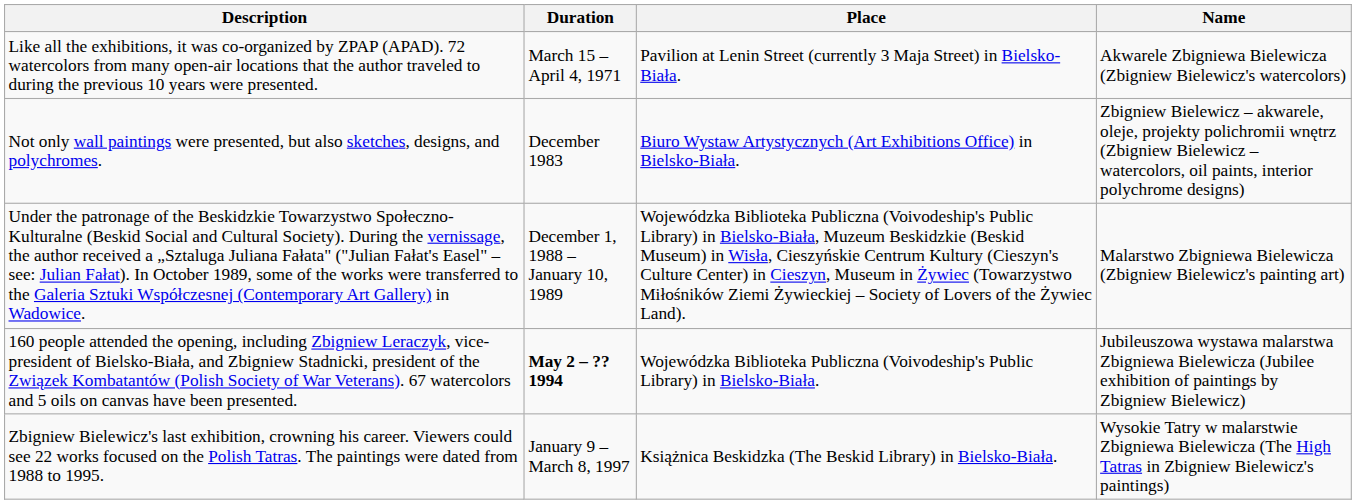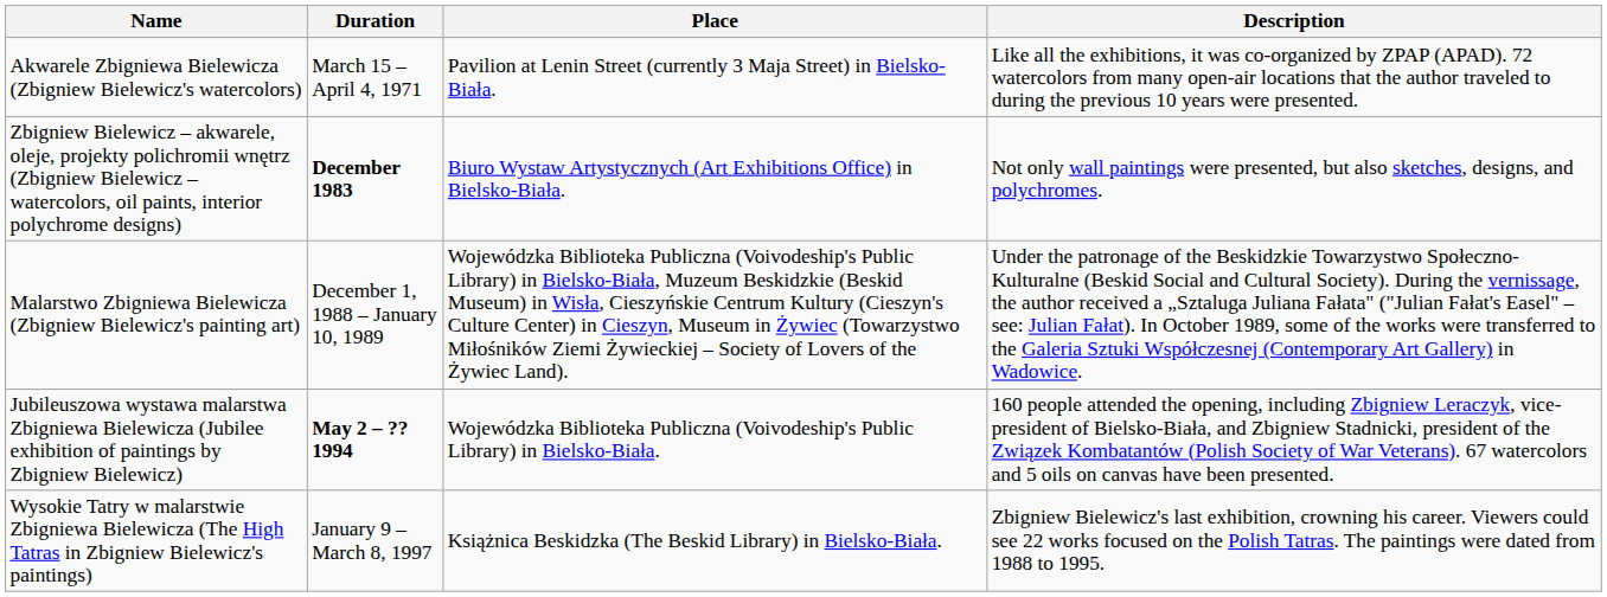 <table class="wikitable">
 <tr>
-<th>Description</th>
+<th>Name</th>
 <th>Duration</th>
 <th>Place</th>
-<th>Name</th>
+<th>Description</th>
 </tr>
 <tr>
-<td>Like all the exhibitions, it was co-organized by ZPAP (APAD). 72 watercolors from many open-air locations that the author traveled to during the previous 10 years were presented.</td>
+<td>Akwarele Zbigniewa Bielewicza (Zbigniew Bielewicz's watercolors)</td>
 <td>March 15 – April 4, 1971</td>
 <td>Pavilion at Lenin Street (currently 3 Maja Street) in <a href='#'>Bielsko-Biała</a>.</td>
-<td>Akwarele Zbigniewa Bielewicza (Zbigniew Bielewicz's watercolors)</td>
+<td>Like all the exhibitions, it was co-organized by ZPAP (APAD). 72 watercolors from many open-air locations that the author traveled to during the previous 10 years were presented.</td>
 </tr>
 <tr>
+<td>Zbigniew Bielewicz – akwarele, oleje, projekty polichromii wnętrz (Zbigniew Bielewicz – watercolors, oil paints, interior polychrome designs)</td>
+<td><strong>December 1983</strong></td>
+<td><a href='#'>Biuro Wystaw Artystycznych (Art Exhibitions Office)</a> in <a href='#'>Bielsko-Biała</a>.</td>
 <td>Not only <a href='#'>wall paintings</a> were presented, but also <a href='#'>sketches</a>, designs, and <a href='#'>polychromes</a>.</td>
-<td>December 1983</td>
-<td><a href='#'>Biuro Wystaw Artystycznych (Art Exhibitions Office)</a> in <a href='#'>Bielsko-Biała</a>.</td>
-<td>Zbigniew Bielewicz – akwarele, oleje, projekty polichromii wnętrz (Zbigniew Bielewicz – watercolors, oil paints, interior polychrome designs)</td>
 </tr>
 <tr>
-<td>Under the patronage of the Beskidzkie Towarzystwo Społeczno-Kulturalne (Beskid Social and Cultural Society). During the <a href='#'>vernissage</a>, the author received a „Sztaluga Juliana Fałata" ("Julian Fałat's Easel" – see: <a href='#'>Julian Fałat</a>). In October 1989, some of the works were transferred to the <a href='#'>Galeria Sztuki Współczesnej (Contemporary Art Gallery)</a> in <a href='#'>Wadowice</a>.</td>
+<td>Malarstwo Zbigniewa Bielewicza (Zbigniew Bielewicz's painting art)</td>
 <td>December 1, 1988 – January 10, 1989</td>
 <td>Wojewódzka Biblioteka Publiczna (Voivodeship's Public Library) in <a href='#'>Bielsko-Biała</a>, Muzeum Beskidzkie (Beskid Museum) in <a href='#'>Wisła</a>, Cieszyńskie Centrum Kultury (Cieszyn's Culture Center) in <a href='#'>Cieszyn</a>, Museum in <a href='#'>Żywiec</a> (Towarzystwo Miłośników Ziemi Żywieckiej – Society of Lovers of the Żywiec Land).</td>
-<td>Malarstwo Zbigniewa Bielewicza (Zbigniew Bielewicz's painting art)</td>
+<td>Under the patronage of the Beskidzkie Towarzystwo Społeczno-Kulturalne (Beskid Social and Cultural Society). During the <a href='#'>vernissage</a>, the author received a „Sztaluga Juliana Fałata" ("Julian Fałat's Easel" – see: <a href='#'>Julian Fałat</a>). In October 1989, some of the works were transferred to the <a href='#'>Galeria Sztuki Współczesnej (Contemporary Art Gallery)</a> in <a href='#'>Wadowice</a>.</td>
 </tr>
 <tr>
-<td>160 people attended the opening, including <a href='#'>Zbigniew Leraczyk</a>, vice-president of Bielsko-Biała, and Zbigniew Stadnicki, president of the <a href='#'>Związek Kombatantów (Polish Society of War Veterans)</a>. 67 watercolors and 5 oils on canvas have been presented.</td>
+<td>Jubileuszowa wystawa malarstwa Zbigniewa Bielewicza (Jubilee exhibition of paintings by Zbigniew Bielewicz)</td>
 <td><strong>May 2 – ?? 1994</strong></td>
 <td>Wojewódzka Biblioteka Publiczna (Voivodeship's Public Library) in <a href='#'>Bielsko-Biała</a>.</td>
-<td>Jubileuszowa wystawa malarstwa Zbigniewa Bielewicza (Jubilee exhibition of paintings by Zbigniew Bielewicz)</td>
+<td>160 people attended the opening, including <a href='#'>Zbigniew Leraczyk</a>, vice-president of Bielsko-Biała, and Zbigniew Stadnicki, president of the <a href='#'>Związek Kombatantów (Polish Society of War Veterans)</a>. 67 watercolors and 5 oils on canvas have been presented.</td>
 </tr>
 <tr>
-<td>Zbigniew Bielewicz's last exhibition, crowning his career. Viewers could see 22 works focused on the <a href='#'>Polish Tatras</a>. The paintings were dated from 1988 to 1995.</td>
+<td>Wysokie Tatry w malarstwie Zbigniewa Bielewicza (The <a href='#'>High Tatras</a> in Zbigniew Bielewicz's paintings)</td>
 <td>January 9 – March 8, 1997</td>
 <td>Książnica Beskidzka (The Beskid Library) in <a href='#'>Bielsko-Biała</a>.</td>
-<td>Wysokie Tatry w malarstwie Zbigniewa Bielewicza (The <a href='#'>High Tatras</a> in Zbigniew Bielewicz's paintings)</td>
+<td>Zbigniew Bielewicz's last exhibition, crowning his career. Viewers could see 22 works focused on the <a href='#'>Polish Tatras</a>. The paintings were dated from 1988 to 1995.</td>
 </tr>
 </table>
